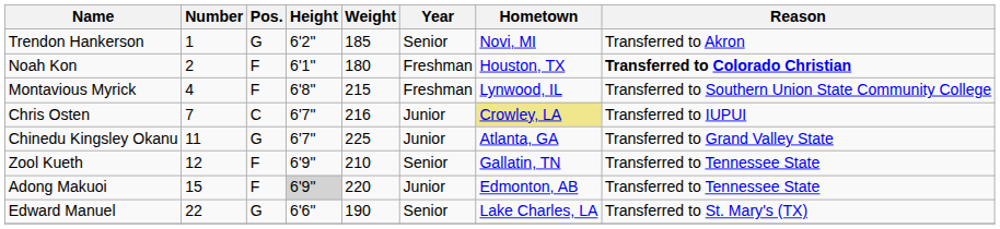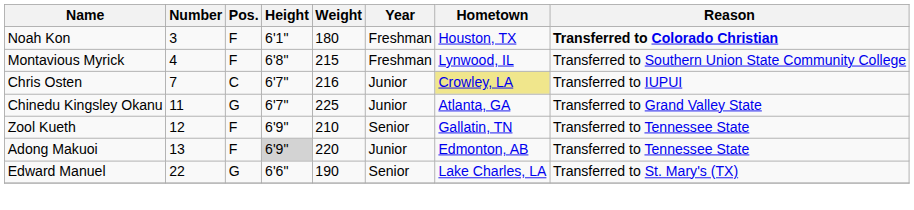 <table class="wikitable sortable" border="1">
 <tr align=center>
 <th style="background:#">Name</th>
 <th style="background:#">Number</th>
 <th style="background:#">Pos.</th>
 <th style="background:#">Height</th>
 <th style="background:#">Weight</th>
 <th style="background:#">Year</th>
 <th style="background:#">Hometown</th>
 <th style="background:#">Reason</th>
 </tr>
 <tr>
-<td>Trendon Hankerson</td>
-<td>1</td>
-<td>G</td>
-<td>6'2"</td>
-<td>185</td>
-<td>Senior</td>
-<td><a href='#'>Novi, MI</a></td>
-<td>Transferred to <a href='#'>Akron</a></td>
-</tr>
-<tr>
 <td>Noah Kon</td>
-<td>2</td>
+<td>3</td>
 <td>F</td>
 <td>6'1"</td>
 <td>180</td>
 <td>Freshman</td>
 <td><a href='#'>Houston, TX</a></td>
 <td><strong>Transferred to <a href='#'>Colorado Christian</a></strong></td>
 </tr>
 <tr>
 <td>Montavious Myrick</td>
 <td>4</td>
 <td>F</td>
 <td>6'8"</td>
 <td>215</td>
 <td>Freshman</td>
 <td><a href='#'>Lynwood, IL</a></td>
 <td>Transferred to <a href='#'>Southern Union State Community College</a></td>
 </tr>
 <tr>
 <td>Chris Osten</td>
 <td>7</td>
 <td>C</td>
 <td>6'7"</td>
 <td>216</td>
 <td>Junior</td>
 <td style="background: khaki;"><a href='#'>Crowley, LA</a></td>
 <td>Transferred to <a href='#'>IUPUI</a></td>
 </tr>
 <tr>
 <td>Chinedu Kingsley Okanu</td>
 <td>11</td>
 <td>G</td>
 <td>6'7"</td>
 <td>225</td>
 <td>Junior</td>
 <td><a href='#'>Atlanta, GA</a></td>
 <td>Transferred to <a href='#'>Grand Valley State</a></td>
 </tr>
 <tr>
 <td>Zool Kueth</td>
 <td>12</td>
 <td>F</td>
 <td>6'9"</td>
 <td>210</td>
 <td>Senior</td>
 <td><a href='#'>Gallatin, TN</a></td>
 <td>Transferred to <a href='#'>Tennessee State</a></td>
 </tr>
 <tr>
 <td>Adong Makuoi</td>
-<td>15</td>
+<td>13</td>
 <td>F</td>
 <td style="background: lightgrey;">6'9"</td>
 <td>220</td>
 <td>Junior</td>
 <td><a href='#'>Edmonton, AB</a></td>
 <td>Transferred to <a href='#'>Tennessee State</a></td>
 </tr>
 <tr>
 <td>Edward Manuel</td>
 <td>22</td>
 <td>G</td>
 <td>6'6"</td>
 <td>190</td>
 <td>Senior</td>
 <td><a href='#'>Lake Charles, LA</a></td>
 <td>Transferred to <a href='#'>St. Mary's (TX)</a></td>
 </tr>
 <tr>
 </tr>
 </table>
